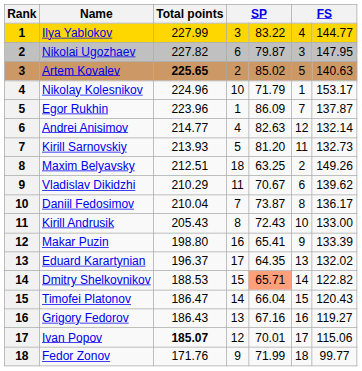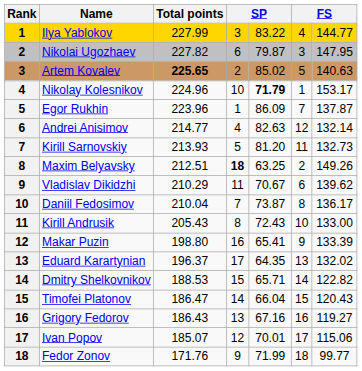 <table class="wikitable sortable">
 <tr>
 <th>Rank</th>
 <th>Name</th>
 <th>Total points</th>
 <th colspan="2" width="80px"><a href='#'>SP</a></th>
 <th colspan="2" width="80px"><a href='#'>FS</a></th>
 </tr>
 <tr bgcolor="gold">
 <td align="center"><strong>1</strong></td>
 <td><a href='#'>Ilya Yablokov</a></td>
 <td align="center">227.99</td>
 <td align="center">3</td>
 <td align="center">83.22</td>
 <td align="center">4</td>
 <td align="center">144.77</td>
 </tr>
 <tr bgcolor="silver">
 <td align="center"><strong>2</strong></td>
 <td><a href='#'>Nikolai Ugozhaev</a></td>
 <td align="center">227.82</td>
 <td align="center">6</td>
 <td align="center">79.87</td>
 <td align="center">3</td>
 <td align="center">147.95</td>
 </tr>
 <tr bgcolor="cc9966">
 <td align="center"><strong>3</strong></td>
 <td><a href='#'>Artem Kovalev</a></td>
 <td align="center"><strong>225.65</strong></td>
 <td align="center">2</td>
 <td align="center">85.02</td>
 <td align="center">5</td>
 <td align="center">140.63</td>
 </tr>
 <tr>
 <th>4</th>
 <td><a href='#'>Nikolay Kolesnikov</a></td>
 <td align="center">224.96</td>
 <td align="center">10</td>
-<td align="center">71.79</td>
+<td align="center"><strong>71.79</strong></td>
 <td align="center">1</td>
 <td align="center">153.17</td>
 </tr>
 <tr>
 <th>5</th>
 <td><a href='#'>Egor Rukhin</a></td>
 <td align="center">223.96</td>
 <td align="center">1</td>
 <td align="center">86.09</td>
 <td align="center">7</td>
 <td align="center">137.87</td>
 </tr>
 <tr>
 <th>6</th>
 <td><a href='#'>Andrei Anisimov</a></td>
 <td align="center">214.77</td>
 <td align="center">4</td>
 <td align="center">82.63</td>
 <td align="center">12</td>
 <td align="center">132.14</td>
 </tr>
 <tr>
 <th>7</th>
 <td><a href='#'>Kirill Sarnovskiy</a></td>
 <td align="center">213.93</td>
 <td align="center">5</td>
 <td align="center">81.20</td>
 <td align="center">11</td>
 <td align="center">132.73</td>
 </tr>
 <tr>
 <th>8</th>
 <td><a href='#'>Maxim Belyavsky</a></td>
 <td align="center">212.51</td>
-<td align="center">18</td>
+<td align="center"><strong>18</strong></td>
 <td align="center">63.25</td>
 <td align="center">2</td>
 <td align="center">149.26</td>
 </tr>
 <tr>
 <th>9</th>
 <td><a href='#'>Vladislav Dikidzhi</a></td>
 <td align="center">210.29</td>
 <td align="center">11</td>
 <td align="center">70.67</td>
 <td align="center">6</td>
 <td align="center">139.62</td>
 </tr>
 <tr>
 <th>10</th>
 <td><a href='#'>Daniil Fedosimov</a></td>
 <td align="center">210.04</td>
 <td align="center">7</td>
 <td align="center">73.87</td>
 <td align="center">8</td>
 <td align="center">136.17</td>
 </tr>
 <tr>
 <th>11</th>
 <td><a href='#'>Kirill Andrusik</a></td>
 <td align="center">205.43</td>
 <td align="center">8</td>
 <td align="center">72.43</td>
 <td align="center">10</td>
 <td align="center">133.00</td>
 </tr>
 <tr>
 <th>12</th>
 <td><a href='#'>Makar Puzin</a></td>
 <td align="center">198.80</td>
 <td align="center">16</td>
 <td align="center">65.41</td>
 <td align="center">9</td>
 <td align="center">133.39</td>
 </tr>
 <tr>
 <th>13</th>
 <td><a href='#'>Eduard Karartynian</a></td>
 <td align="center">196.37</td>
 <td align="center">17</td>
 <td align="center">64.35</td>
 <td align="center">13</td>
 <td align="center">132.02</td>
 </tr>
 <tr>
 <th>14</th>
 <td><a href='#'>Dmitry Shelkovnikov</a></td>
 <td align="center">188.53</td>
 <td align="center">15</td>
-<td align="center" style="background: lightsalmon;">65.71</td>
+<td align="center">65.71</td>
 <td align="center">14</td>
 <td align="center">122.82</td>
 </tr>
 <tr>
 <th>15</th>
 <td><a href='#'>Timofei Platonov</a></td>
 <td align="center">186.47</td>
 <td align="center">14</td>
 <td align="center">66.04</td>
 <td align="center">15</td>
 <td align="center">120.43</td>
 </tr>
 <tr>
 <th>16</th>
 <td><a href='#'>Grigory Fedorov</a></td>
 <td align="center">186.43</td>
 <td align="center">13</td>
 <td align="center">67.16</td>
 <td align="center">16</td>
 <td align="center">119.27</td>
 </tr>
 <tr>
 <th>17</th>
 <td><a href='#'>Ivan Popov</a></td>
-<td align="center"><strong>185.07</strong></td>
+<td align="center">185.07</td>
 <td align="center">12</td>
 <td align="center">70.01</td>
 <td align="center">17</td>
 <td align="center">115.06</td>
 </tr>
 <tr>
 <th>18</th>
 <td><a href='#'>Fedor Zonov</a></td>
 <td align="center">171.76</td>
 <td align="center">9</td>
 <td align="center">71.99</td>
 <td align="center">18</td>
 <td align="center">99.77</td>
 </tr>
 </table>
